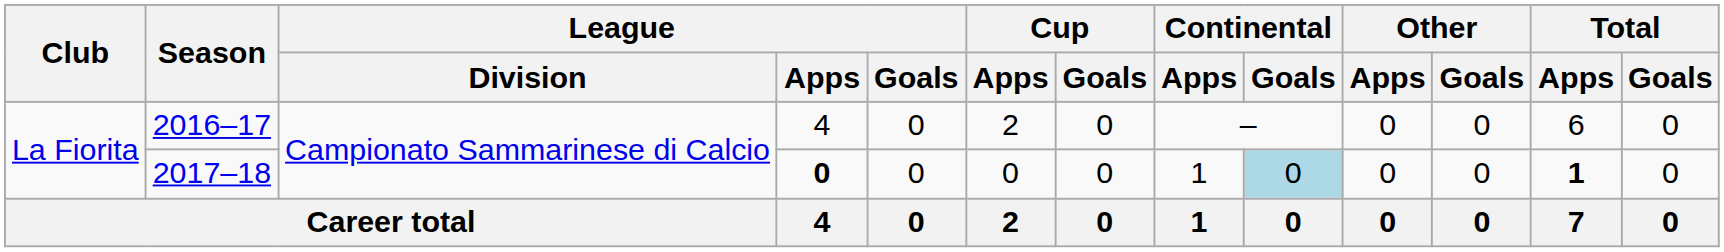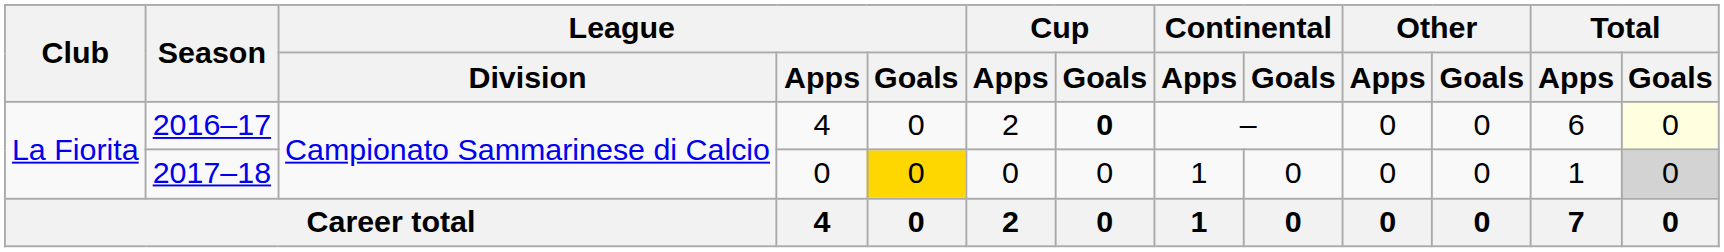 <table class="wikitable" style="text-align: center">
 <tr>
 <th rowspan="2">Club</th>
 <th rowspan="2">Season</th>
 <th colspan="3">League</th>
 <th colspan="2">Cup</th>
 <th colspan="2">Continental</th>
 <th colspan="2">Other</th>
 <th colspan="2">Total</th>
 </tr>
 <tr>
 <th>Division</th>
 <th>Apps</th>
 <th>Goals</th>
 <th>Apps</th>
 <th>Goals</th>
 <th>Apps</th>
 <th>Goals</th>
 <th>Apps</th>
 <th>Goals</th>
 <th>Apps</th>
 <th>Goals</th>
 </tr>
 <tr>
 <td rowspan="2"><a href='#'>La Fiorita</a></td>
 <td><a href='#'>2016–17</a></td>
 <td rowspan="2"><a href='#'>Campionato Sammarinese di Calcio</a></td>
 <td>4</td>
 <td>0</td>
 <td>2</td>
-<td>0</td>
+<td><strong>0</strong></td>
 <td colspan="2">–</td>
 <td>0</td>
 <td>0</td>
 <td>6</td>
-<td>0</td>
+<td style="background: lightyellow;">0</td>
 </tr>
 <tr>
 <td><a href='#'>2017–18</a></td>
-<td><strong>0</strong></td>
+<td>0</td>
+<td style="background: gold;">0</td>
+<td>0</td>
+<td>0</td>
+<td>1</td>
 <td>0</td>
 <td>0</td>
 <td>0</td>
 <td>1</td>
-<td style="background: lightblue;">0</td>
-<td>0</td>
-<td>0</td>
-<td><strong>1</strong></td>
-<td>0</td>
+<td style="background: lightgrey;">0</td>
 </tr>
 <tr>
 <th colspan=3>Career total</th>
 <th>4</th>
 <th>0</th>
 <th>2</th>
 <th>0</th>
 <th>1</th>
 <th>0</th>
 <th>0</th>
 <th>0</th>
 <th>7</th>
 <th>0</th>
 </tr>
 </table>
